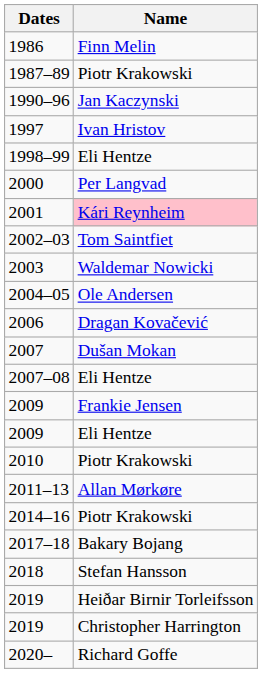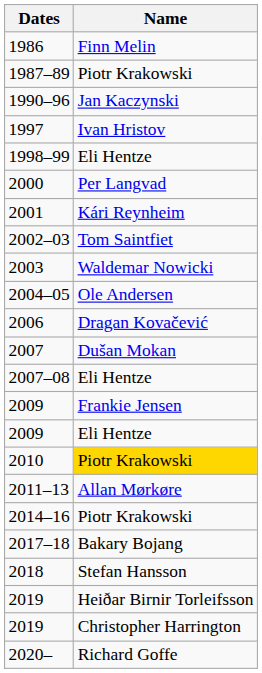 <table class="wikitable">
 <tr>
 <th>Dates</th>
 <th>Name</th>
 </tr>
 <tr>
 <td>1986</td>
 <td> <a href='#'>Finn Melin</a></td>
 </tr>
 <tr>
 <td>1987–89</td>
 <td> Piotr Krakowski</td>
 </tr>
 <tr>
 <td>1990–96</td>
 <td> <a href='#'>Jan Kaczynski</a></td>
 </tr>
 <tr>
 <td>1997</td>
 <td> <a href='#'>Ivan Hristov</a></td>
 </tr>
 <tr>
 <td>1998–99</td>
 <td> Eli Hentze</td>
 </tr>
 <tr>
 <td>2000</td>
 <td> <a href='#'>Per Langvad</a></td>
 </tr>
 <tr>
 <td>2001</td>
-<td style="background: pink;"> <a href='#'>Kári Reynheim</a></td>
+<td> <a href='#'>Kári Reynheim</a></td>
 </tr>
 <tr>
 <td>2002–03</td>
 <td> <a href='#'>Tom Saintfiet</a></td>
 </tr>
 <tr>
 <td>2003</td>
 <td> <a href='#'>Waldemar Nowicki</a></td>
 </tr>
 <tr>
 <td>2004–05</td>
 <td> <a href='#'>Ole Andersen</a></td>
 </tr>
 <tr>
 <td>2006</td>
 <td> <a href='#'>Dragan Kovačević</a></td>
 </tr>
 <tr>
 <td>2007</td>
 <td> <a href='#'>Dušan Mokan</a></td>
 </tr>
 <tr>
 <td>2007–08</td>
 <td> Eli Hentze</td>
 </tr>
 <tr>
 <td>2009</td>
 <td> <a href='#'>Frankie Jensen</a></td>
 </tr>
 <tr>
 <td>2009</td>
 <td> Eli Hentze</td>
 </tr>
 <tr>
 <td>2010</td>
-<td> Piotr Krakowski</td>
+<td style="background: gold;"> Piotr Krakowski</td>
 </tr>
 <tr>
 <td>2011–13</td>
 <td> <a href='#'>Allan Mørkøre</a></td>
 </tr>
 <tr>
 <td>2014–16</td>
 <td> Piotr Krakowski</td>
 </tr>
 <tr>
 <td>2017–18</td>
 <td> Bakary Bojang</td>
 </tr>
 <tr>
 <td>2018</td>
 <td> Stefan Hansson</td>
 </tr>
 <tr>
 <td>2019</td>
 <td> Heiðar Birnir Torleifsson</td>
 </tr>
 <tr>
 <td>2019</td>
 <td> Christopher Harrington</td>
 </tr>
 <tr>
 <td>2020–</td>
 <td> Richard Goffe</td>
 </tr>
 </table>
